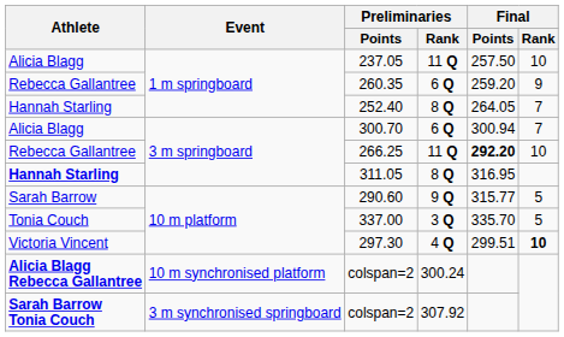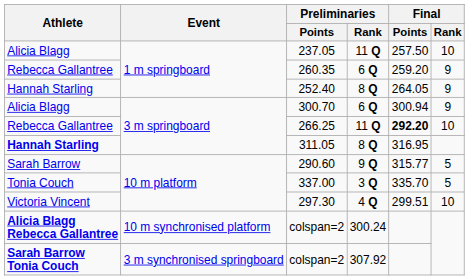 <table class="wikitable" style="font-size:90%;">
 <tr>
 <th rowspan=2>Athlete</th>
 <th rowspan=2>Event</th>
 <th colspan=2>Preliminaries</th>
 <th colspan=2>Final</th>
 </tr>
 <tr style="font-size:95%">
 <th>Points</th>
 <th>Rank</th>
 <th>Points</th>
 <th>Rank</th>
 </tr>
 <tr align=center>
 <td align=left><a href='#'>Alicia Blagg</a></td>
 <td style="text-align:left;" rowspan="3"><a href='#'>1 m springboard</a></td>
 <td>237.05</td>
 <td>11 <strong>Q</strong></td>
 <td>257.50</td>
 <td>10</td>
 </tr>
 <tr align=center>
 <td align=left><a href='#'>Rebecca Gallantree</a></td>
 <td>260.35</td>
 <td>6 <strong>Q</strong></td>
 <td>259.20</td>
 <td>9</td>
 </tr>
 <tr align=center>
 <td align=left><a href='#'>Hannah Starling</a></td>
 <td>252.40</td>
 <td>8 <strong>Q</strong></td>
 <td>264.05</td>
-<td>7</td>
+<td>9</td>
 </tr>
 <tr align=center>
 <td align=left><a href='#'>Alicia Blagg</a></td>
 <td style="text-align:left;" rowspan="3"><a href='#'>3 m springboard</a></td>
 <td>300.70</td>
 <td>6 <strong>Q</strong></td>
 <td>300.94</td>
-<td>7</td>
+<td>9</td>
 </tr>
 <tr align=center>
 <td align=left><a href='#'>Rebecca Gallantree</a></td>
 <td>266.25</td>
 <td>11 <strong>Q</strong></td>
 <td><strong>292.20</strong></td>
 <td>10</td>
 </tr>
 <tr align=center>
 <td align=left><strong><a href='#'>Hannah Starling</a></strong></td>
 <td>311.05</td>
 <td>8 <strong>Q</strong></td>
 <td>316.95</td>
 <td></td>
 </tr>
 <tr align=center>
 <td align=left><a href='#'>Sarah Barrow</a></td>
 <td style="text-align:left;" rowspan="3"><a href='#'>10 m platform</a></td>
 <td>290.60</td>
 <td>9 <strong>Q</strong></td>
 <td>315.77</td>
 <td>5</td>
 </tr>
 <tr align=center>
 <td align=left><a href='#'>Tonia Couch</a></td>
 <td>337.00</td>
 <td>3 <strong>Q</strong></td>
 <td>335.70</td>
 <td>5</td>
 </tr>
 <tr align=center>
 <td align=left><a href='#'>Victoria Vincent</a></td>
 <td>297.30</td>
 <td>4 <strong>Q</strong></td>
 <td>299.51</td>
-<td><strong>10</strong></td>
+<td>10</td>
 </tr>
 <tr align=center>
 <td align=left><strong><a href='#'>Alicia Blagg</a><br><a href='#'>Rebecca Gallantree</a></strong></td>
 <td align=left><a href='#'>10 m synchronised platform</a></td>
 <td>colspan=2 </td>
 <td>300.24</td>
 <td></td>
 </tr>
 <tr align=center>
 <td align=left><strong><a href='#'>Sarah Barrow</a><br><a href='#'>Tonia Couch</a></strong></td>
 <td align=left><a href='#'>3 m synchronised springboard</a></td>
 <td>colspan=2 </td>
 <td>307.92</td>
 <td></td>
 </tr>
 </table>
